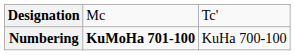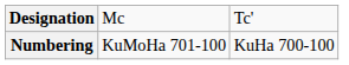 <table class="wikitable">
 <tr>
 <th>Designation</th>
 <td>Mc</td>
 <td>Tc'</td>
 </tr>
 <tr>
 <th>Numbering</th>
-<td><strong>KuMoHa 701-100</strong></td>
+<td>KuMoHa 701-100</td>
 <td>KuHa 700-100</td>
 </tr>
 </table>
